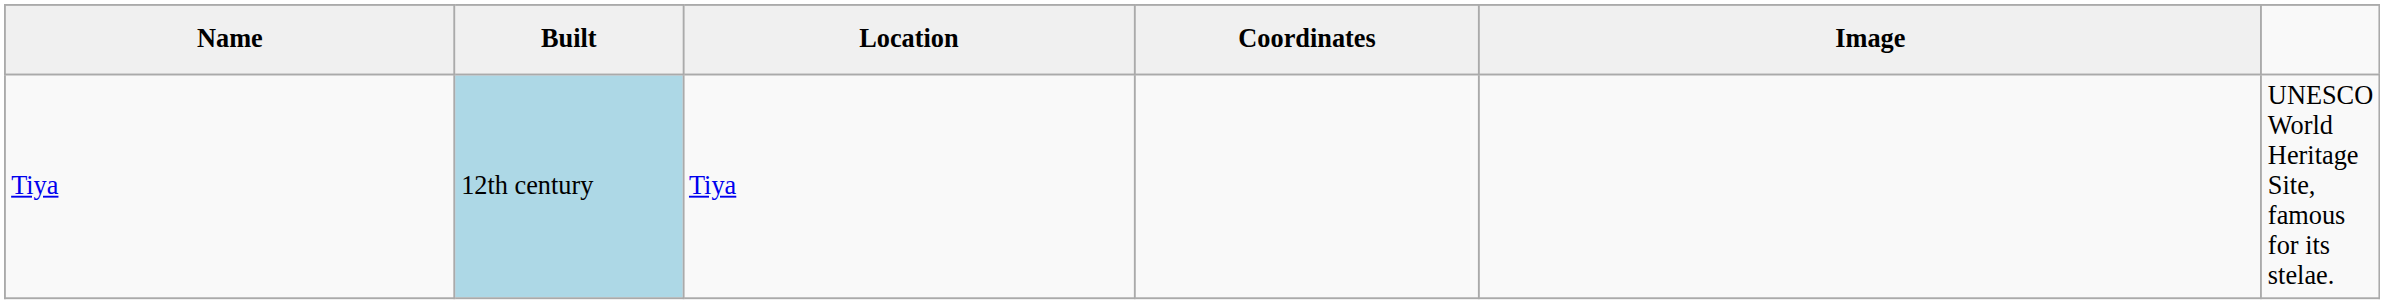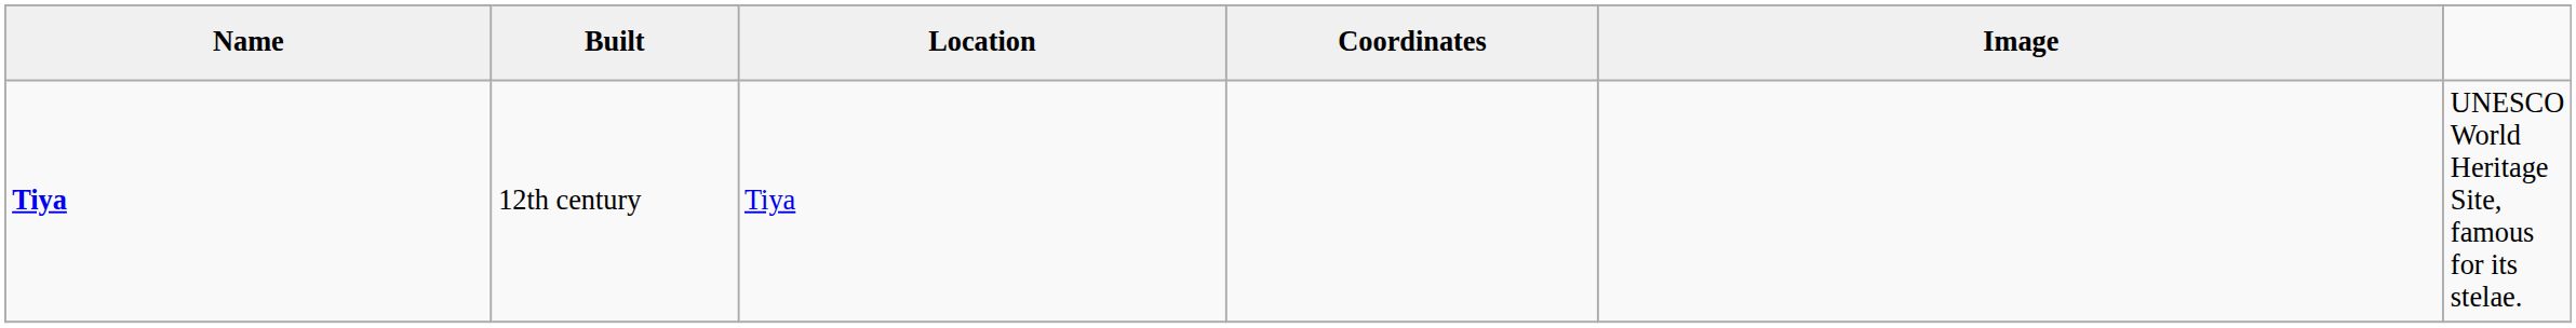 <table class="wikitable" style="width:100%; border-collapse:collapse; text-align:left; font-size:14px; margin-bottom:20px;">
 <tr>
 <th style="padding:10px; background-color:#f0f0f0; width:20%;">Name</th>
 <th style="padding:10px; background-color:#f0f0f0; width:10%;">Built</th>
 <th style="padding:10px; background-color:#f0f0f0; width:20%;">Location</th>
 <th style="padding:10px; background-color:#f0f0f0; width:15%;">Coordinates</th>
 <th style="padding:10px; background-color:#f0f0f0; width:35%;">Image</th>
 </tr>
 <tr>
-<td><a href='#'>Tiya</a></td>
-<td style="background: lightblue;">12th century</td>
+<td><strong><a href='#'>Tiya</a></strong></td>
+<td>12th century</td>
 <td><a href='#'>Tiya</a></td>
 <td></td>
 <td></td>
 <td>UNESCO World Heritage Site, famous for its stelae.</td>
 </tr>
 </table>
